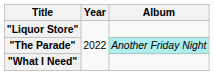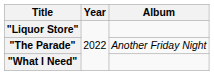 <table class="wikitable plainrowheaders" style="text-align:center;">
 <tr>
 <th scope="col">Title</th>
 <th scope="col">Year</th>
 <th scope="col">Album</th>
 </tr>
 <tr>
 <th scope="row">"Liquor Store"</th>
 <td rowspan="3">2022</td>
 <td></td>
 </tr>
 <tr>
 <th scope="row">"The Parade"<br></th>
-<td style="background: paleturquoise;"><em>Another Friday Night</em></td>
+<td><em>Another Friday Night</em></td>
 </tr>
 <tr>
 <th scope="row">"What I Need"<br></th>
 <td></td>
 </tr>
 </table>
